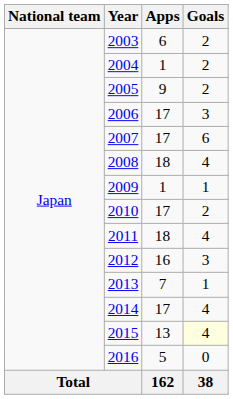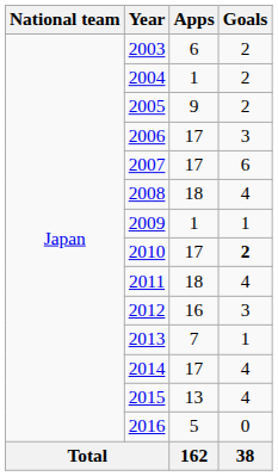 <table class="wikitable" style="text-align:center">
 <tr>
 <th>National team</th>
 <th>Year</th>
 <th>Apps</th>
 <th>Goals</th>
 </tr>
 <tr>
 <td rowspan="14"><a href='#'>Japan</a></td>
 <td><a href='#'>2003</a></td>
 <td>6</td>
 <td>2</td>
 </tr>
 <tr>
 <td><a href='#'>2004</a></td>
 <td>1</td>
 <td>2</td>
 </tr>
 <tr>
 <td><a href='#'>2005</a></td>
 <td>9</td>
 <td>2</td>
 </tr>
 <tr>
 <td><a href='#'>2006</a></td>
 <td>17</td>
 <td>3</td>
 </tr>
 <tr>
 <td><a href='#'>2007</a></td>
 <td>17</td>
 <td>6</td>
 </tr>
 <tr>
 <td><a href='#'>2008</a></td>
 <td>18</td>
 <td>4</td>
 </tr>
 <tr>
 <td><a href='#'>2009</a></td>
 <td>1</td>
 <td>1</td>
 </tr>
 <tr>
 <td><a href='#'>2010</a></td>
 <td>17</td>
-<td>2</td>
+<td><strong>2</strong></td>
 </tr>
 <tr>
 <td><a href='#'>2011</a></td>
 <td>18</td>
 <td>4</td>
 </tr>
 <tr>
 <td><a href='#'>2012</a></td>
 <td>16</td>
 <td>3</td>
 </tr>
 <tr>
 <td><a href='#'>2013</a></td>
 <td>7</td>
 <td>1</td>
 </tr>
 <tr>
 <td><a href='#'>2014</a></td>
 <td>17</td>
 <td>4</td>
 </tr>
 <tr>
 <td><a href='#'>2015</a></td>
 <td>13</td>
-<td style="background: lightyellow;">4</td>
+<td>4</td>
 </tr>
 <tr>
 <td><a href='#'>2016</a></td>
 <td>5</td>
 <td>0</td>
 </tr>
 <tr>
 <th colspan="2">Total</th>
 <th>162</th>
 <th>38</th>
 </tr>
 </table>
